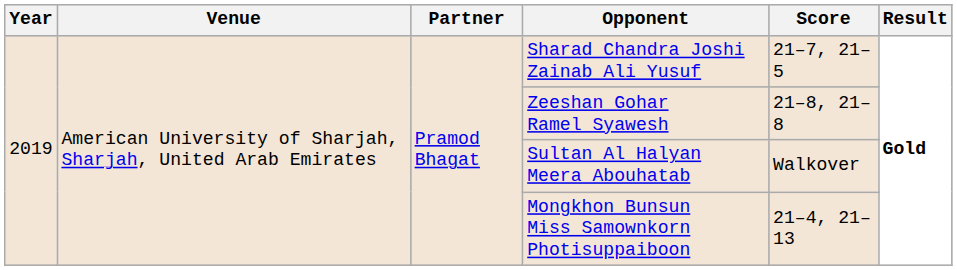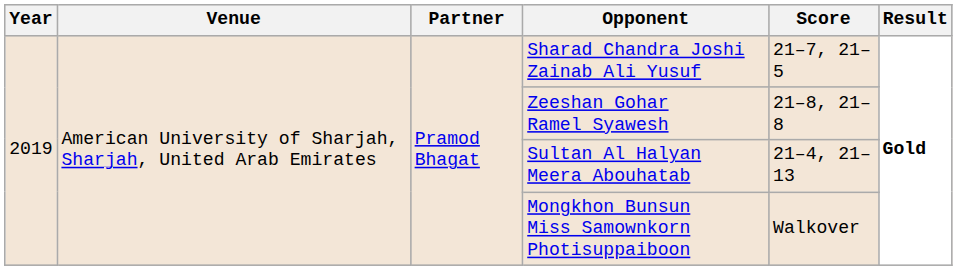 <table class="sortable wikitable" style="font-size: 90%;">
 <tr>
 <th>Year</th>
 <th>Venue</th>
 <th>Partner</th>
 <th>Opponent</th>
 <th>Score</th>
 <th>Result</th>
 </tr>
 <tr style="background:#F3E6D7">
 <td rowspan="4" align="center">2019</td>
 <td rowspan="4" align="left">American University of Sharjah, <a href='#'>Sharjah</a>, United Arab Emirates</td>
 <td rowspan="4" align="left"> <a href='#'>Pramod Bhagat</a></td>
 <td align="left"> <a href='#'>Sharad Chandra Joshi</a> <br> <a href='#'>Zainab Ali Yusuf</a></td>
 <td align="left">21–7, 21–5</td>
 <td rowspan="4" style="text-align:left; background:white"> <strong>Gold</strong></td>
 </tr>
 <tr style="background:#F3E6D7">
 <td align="left"> <a href='#'>Zeeshan Gohar</a> <br> <a href='#'>Ramel Syawesh</a></td>
 <td align="left">21–8, 21–8</td>
 </tr>
 <tr style="background:#F3E6D7">
 <td align="left"> <a href='#'>Sultan Al Halyan</a><br> <a href='#'>Meera Abouhatab</a></td>
-<td align="left">Walkover</td>
+<td align="left">21–4, 21–13</td>
 </tr>
 <tr style="background:#F3E6D7">
 <td align="left"> <a href='#'>Mongkhon Bunsun</a> <br> <a href='#'>Miss Samownkorn Photisuppaiboon</a></td>
-<td align="left">21–4, 21–13</td>
+<td align="left">Walkover</td>
 </tr>
 </table>
